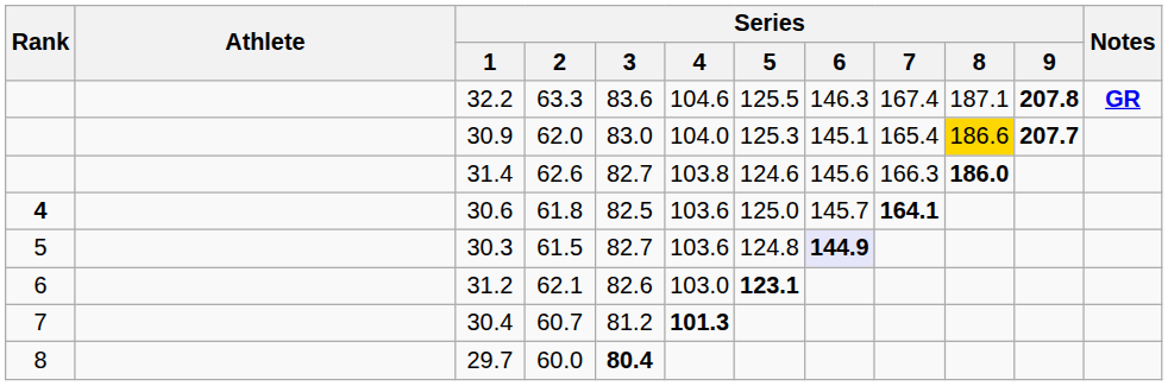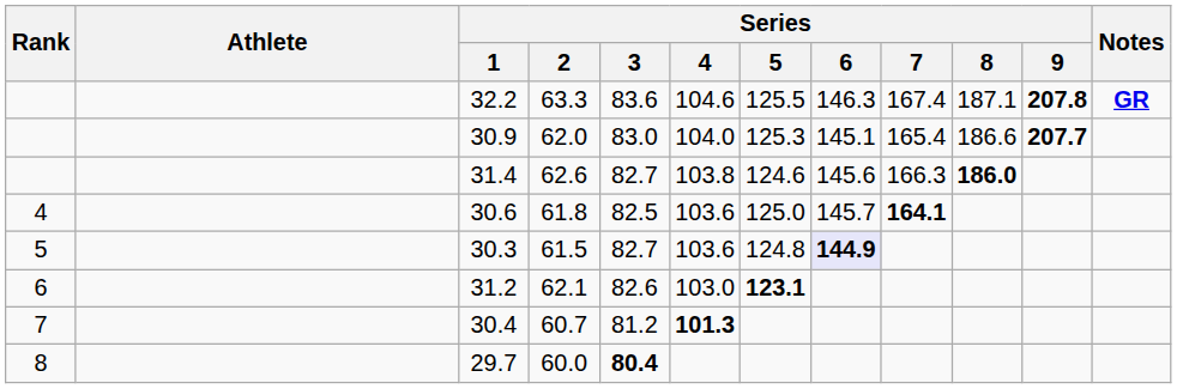 <table class="wikitable" style="text-align:center">
 <tr>
 <th rowspan=2 width=40>Rank</th>
 <th rowspan=2 width=250>Athlete</th>
 <th colspan=9>Series</th>
 <th rowspan=2 width=45>Notes</th>
 </tr>
 <tr>
 <th width=40>1</th>
 <th width=40>2</th>
 <th width=40>3</th>
 <th width=40>4</th>
 <th width=40>5</th>
 <th width=40>6</th>
 <th width=40>7</th>
 <th width=40>8</th>
 <th width=40>9</th>
 </tr>
 <tr>
 <td></td>
 <td align=left></td>
 <td>32.2</td>
 <td>63.3</td>
 <td>83.6</td>
 <td>104.6</td>
 <td>125.5</td>
 <td>146.3</td>
 <td>167.4</td>
 <td>187.1</td>
 <td><strong>207.8</strong></td>
 <td><strong><a href='#'>GR</a></strong></td>
 </tr>
 <tr>
 <td></td>
 <td align=left></td>
 <td>30.9</td>
 <td>62.0</td>
 <td>83.0</td>
 <td>104.0</td>
 <td>125.3</td>
 <td>145.1</td>
 <td>165.4</td>
-<td style="background: gold;">186.6</td>
+<td>186.6</td>
 <td><strong>207.7</strong></td>
 <td></td>
 </tr>
 <tr>
 <td></td>
 <td align=left></td>
 <td>31.4</td>
 <td>62.6</td>
 <td>82.7</td>
 <td>103.8</td>
 <td>124.6</td>
 <td>145.6</td>
 <td>166.3</td>
 <td><strong>186.0</strong></td>
 <td></td>
 <td></td>
 </tr>
 <tr>
-<td><strong>4</strong></td>
+<td>4</td>
 <td align=left></td>
 <td>30.6</td>
 <td>61.8</td>
 <td>82.5</td>
 <td>103.6</td>
 <td>125.0</td>
 <td>145.7</td>
 <td><strong>164.1</strong></td>
 <td></td>
 <td></td>
 <td></td>
 </tr>
 <tr>
 <td>5</td>
 <td align=left></td>
 <td>30.3</td>
 <td>61.5</td>
 <td>82.7</td>
 <td>103.6</td>
 <td>124.8</td>
 <td style="background: lavender;"><strong>144.9</strong></td>
 <td></td>
 <td></td>
 <td></td>
 <td></td>
 </tr>
 <tr>
 <td>6</td>
 <td align=left></td>
 <td>31.2</td>
 <td>62.1</td>
 <td>82.6</td>
 <td>103.0</td>
 <td><strong>123.1</strong></td>
 <td></td>
 <td></td>
 <td></td>
 <td></td>
 <td></td>
 </tr>
 <tr>
 <td>7</td>
 <td align=left></td>
 <td>30.4</td>
 <td>60.7</td>
 <td>81.2</td>
 <td><strong>101.3</strong></td>
 <td></td>
 <td></td>
 <td></td>
 <td></td>
 <td></td>
 <td></td>
 </tr>
 <tr>
 <td>8</td>
 <td align=left></td>
 <td>29.7</td>
 <td>60.0</td>
 <td><strong>80.4</strong></td>
 <td></td>
 <td></td>
 <td></td>
 <td></td>
 <td></td>
 <td></td>
 <td></td>
 </tr>
 </table>
